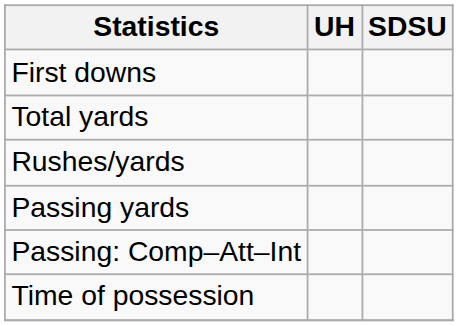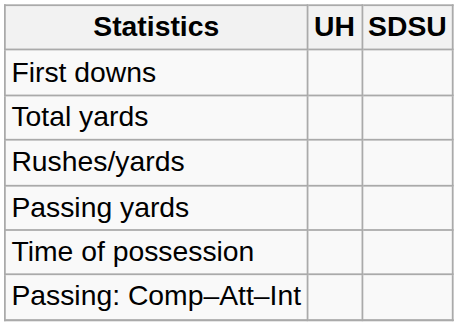 <table class="wikitable" style="float: left;">
 <tr>
 <th>Statistics</th>
 <th>UH</th>
 <th>SDSU</th>
 </tr>
 <tr>
 <td>First downs</td>
 <td></td>
 <td></td>
 </tr>
 <tr>
 <td>Total yards</td>
 <td></td>
 <td></td>
 </tr>
 <tr>
 <td>Rushes/yards</td>
 <td></td>
 <td></td>
 </tr>
 <tr>
 <td>Passing yards</td>
 <td></td>
 <td></td>
 </tr>
 <tr>
-<td>Passing: Comp–Att–Int</td>
+<td>Time of possession</td>
 <td></td>
 <td></td>
 </tr>
 <tr>
-<td>Time of possession</td>
+<td>Passing: Comp–Att–Int</td>
 <td></td>
 <td></td>
 </tr>
 <tr>
 </tr>
 </table>
